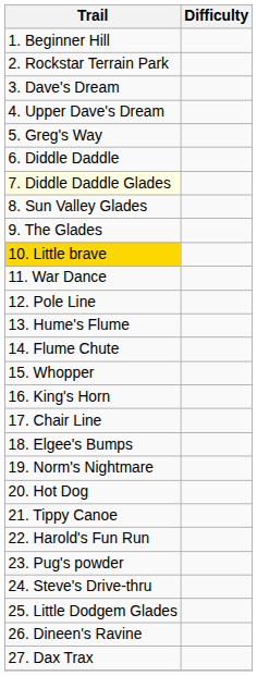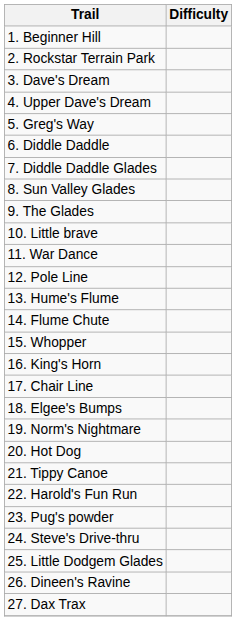 <table class="wikitable">
 <tr>
 <th>Trail</th>
 <th>Difficulty</th>
 </tr>
 <tr>
 <td>1. Beginner Hill</td>
 <td align="center"></td>
 </tr>
 <tr>
 <td>2. Rockstar Terrain Park</td>
 <td align="center"></td>
 </tr>
 <tr>
 <td>3. Dave's Dream</td>
 <td align="center"></td>
 </tr>
 <tr>
 <td>4. Upper Dave's Dream</td>
 <td align="center"></td>
 </tr>
 <tr>
 <td>5. Greg's Way</td>
 <td align="center"></td>
 </tr>
 <tr>
 <td>6. Diddle Daddle</td>
 <td align="center"></td>
 </tr>
 <tr>
-<td style="background: lightyellow;">7. Diddle Daddle Glades</td>
+<td>7. Diddle Daddle Glades</td>
 <td align="center"></td>
 </tr>
 <tr>
 <td>8. Sun Valley Glades</td>
 <td align="center"></td>
 </tr>
 <tr>
 <td>9. The Glades</td>
 <td align="center"></td>
 </tr>
 <tr>
-<td style="background: gold;">10. Little brave</td>
+<td>10. Little brave</td>
 <td align="center"></td>
 </tr>
 <tr>
 <td>11. War Dance</td>
 <td align="center"></td>
 </tr>
 <tr>
 <td>12. Pole Line</td>
 <td align="center"></td>
 </tr>
 <tr>
 <td>13. Hume's Flume</td>
 <td align="center"></td>
 </tr>
 <tr>
 <td>14. Flume Chute</td>
 <td align="center"></td>
 </tr>
 <tr>
 <td>15. Whopper</td>
 <td align="center"></td>
 </tr>
 <tr>
 <td>16. King's Horn</td>
 <td align="center"></td>
 </tr>
 <tr>
 <td>17. Chair Line</td>
 <td align="center"></td>
 </tr>
 <tr>
 <td>18. Elgee's Bumps</td>
 <td align="center"></td>
 </tr>
 <tr>
 <td>19. Norm's Nightmare</td>
 <td align="center"></td>
 </tr>
 <tr>
 <td>20. Hot Dog</td>
 <td align="center"></td>
 </tr>
 <tr>
 <td>21. Tippy Canoe</td>
 <td align="center"></td>
 </tr>
 <tr>
 <td>22. Harold's Fun Run</td>
 <td align="center"></td>
 </tr>
 <tr>
 <td>23. Pug's powder</td>
 <td align="center"></td>
 </tr>
 <tr>
 <td>24. Steve's Drive-thru</td>
 <td align="center"></td>
 </tr>
 <tr>
 <td>25. Little Dodgem Glades</td>
 <td align="center"></td>
 </tr>
 <tr>
 <td>26. Dineen's Ravine</td>
 <td align="center"></td>
 </tr>
 <tr>
 <td>27. Dax Trax</td>
 <td align="center"></td>
 </tr>
 <tr>
 </tr>
 </table>
